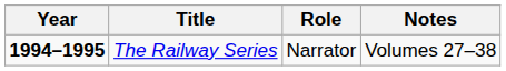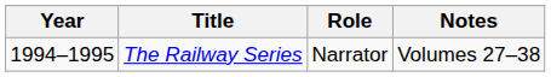 <table class="wikitable sortable">
 <tr style="background:#b0c4de; text-align:center;">
 </tr>
 <tr>
 <th>Year</th>
 <th>Title</th>
 <th>Role</th>
 <th>Notes</th>
 </tr>
 <tr>
-<td><strong>1994–1995</strong></td>
+<td>1994–1995</td>
 <td><em><a href='#'>The Railway Series</a></em></td>
 <td>Narrator</td>
 <td>Volumes 27–38</td>
 </tr>
 </table>
